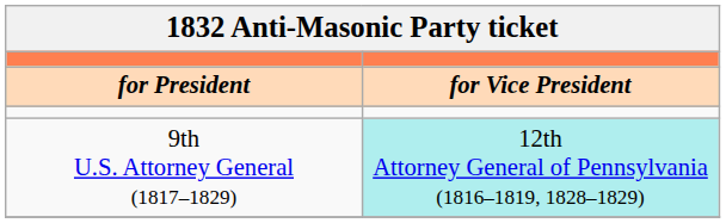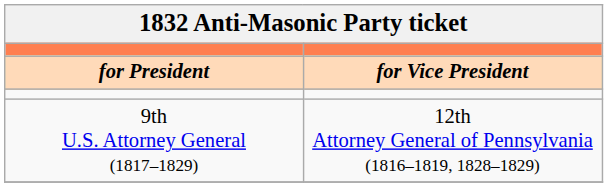 <table class="wikitable" style="font-size:90%; text-align:center;">
 <tr>
 <td style="background:#f1f1f1;" colspan="30"><big><strong>1832 Anti-Masonic Party ticket</strong></big></td>
 </tr>
 <tr>
 <th style="width:3em; font-size:135%; background:#FF7F50; width:200px;"><a href='#'></a></th>
 <th style="width:3em; font-size:135%; background:#FF7F50; width:200px;"><a href='#'></a></th>
 </tr>
 <tr style="color:#000000; font-size:100%; background:#F0DC82;">
 <td style="width:3em; font-size:100%; color:#000; background:#FFDAB9; width:200px;"><strong><em>for President</em></strong></td>
 <td style="width:3em; font-size:100%; color:#000; background:#FFDAB9; width:200px;"><strong><em>for Vice President</em></strong></td>
 </tr>
 <tr>
 <td></td>
 <td></td>
 </tr>
 <tr>
 <td>9th<br><a href='#'>U.S. Attorney General</a><br><small>(1817–1829)</small></td>
-<td style="background: paleturquoise;">12th<br><a href='#'>Attorney General of Pennsylvania</a><br><small>(1816–1819, 1828–1829)</small></td>
+<td>12th<br><a href='#'>Attorney General of Pennsylvania</a><br><small>(1816–1819, 1828–1829)</small></td>
 </tr>
 <tr>
 </tr>
 </table>
